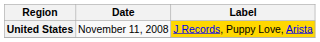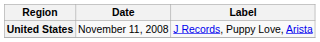 <table class="wikitable plainrowheaders">
 <tr>
 <th scope="col">Region</th>
 <th scope="col">Date</th>
 <th scope="col">Label</th>
 </tr>
 <tr>
 <th scope="row">United States</th>
 <td rowspan="1">November 11, 2008</td>
-<td rowspan="1" style="background: gold;"><a href='#'>J Records</a>, Puppy Love, <a href='#'>Arista</a></td>
+<td rowspan="1"><a href='#'>J Records</a>, Puppy Love, <a href='#'>Arista</a></td>
 </tr>
 <tr>
 </tr>
 </table>
